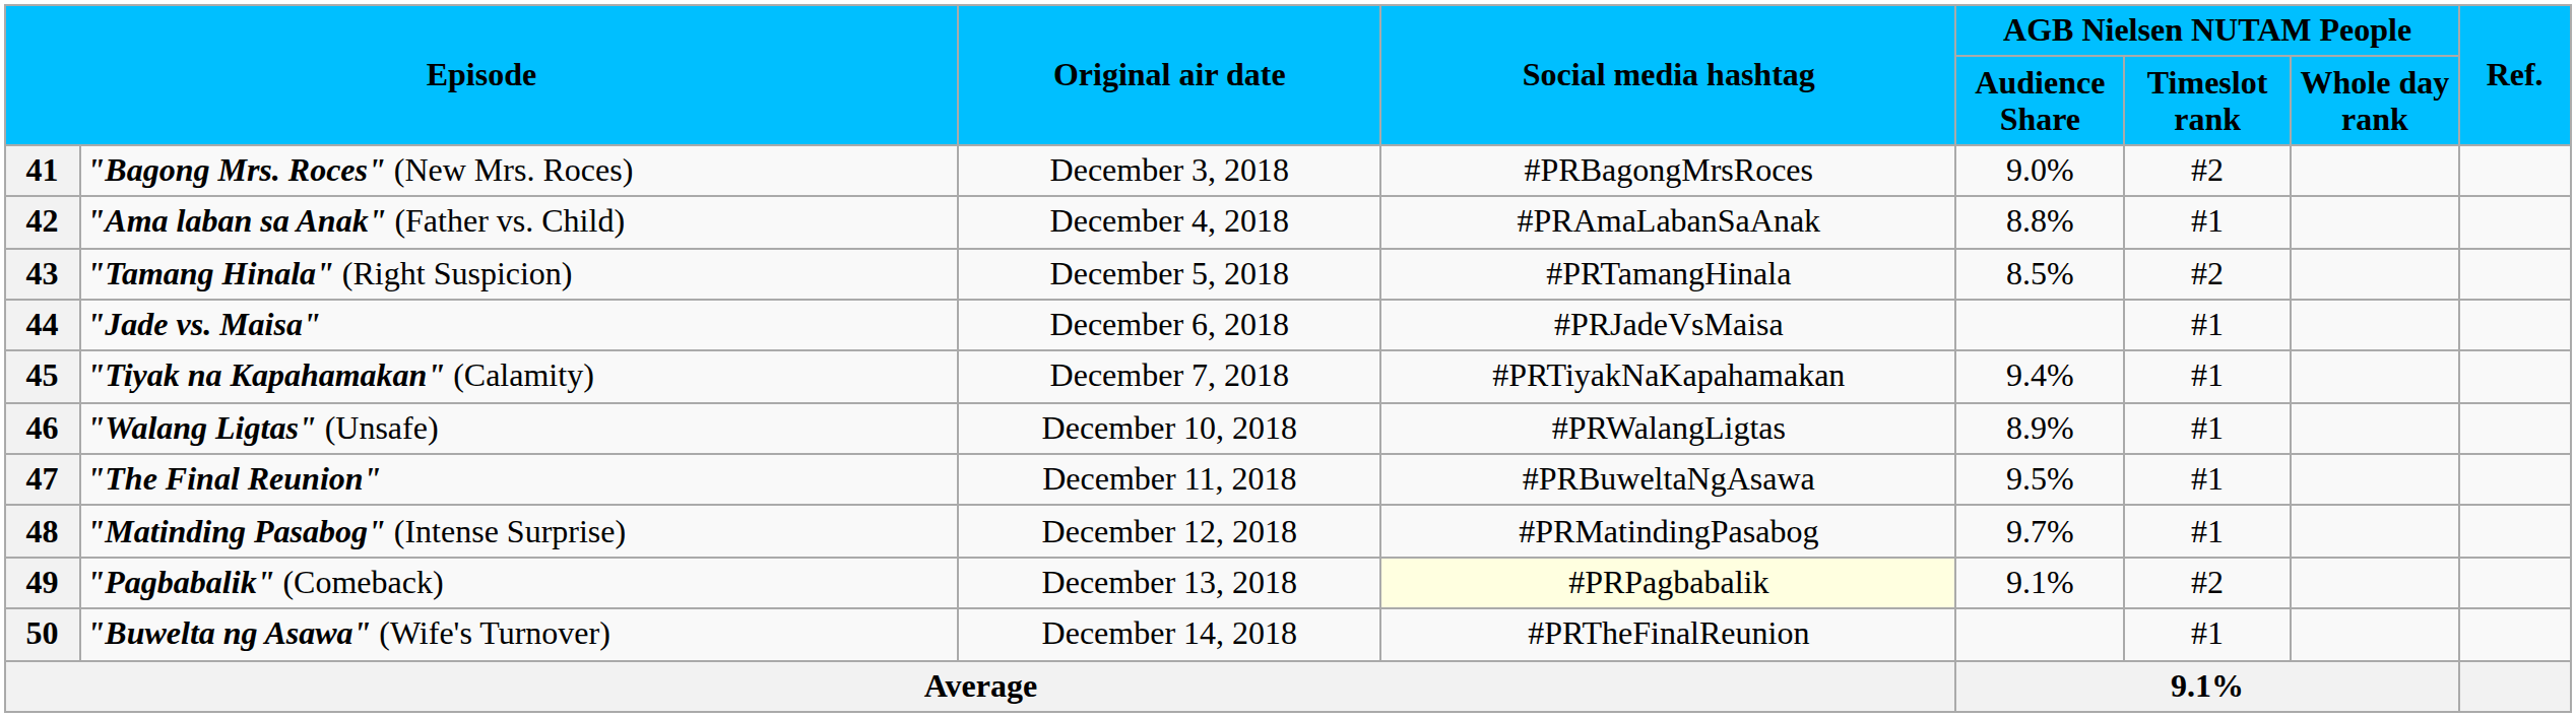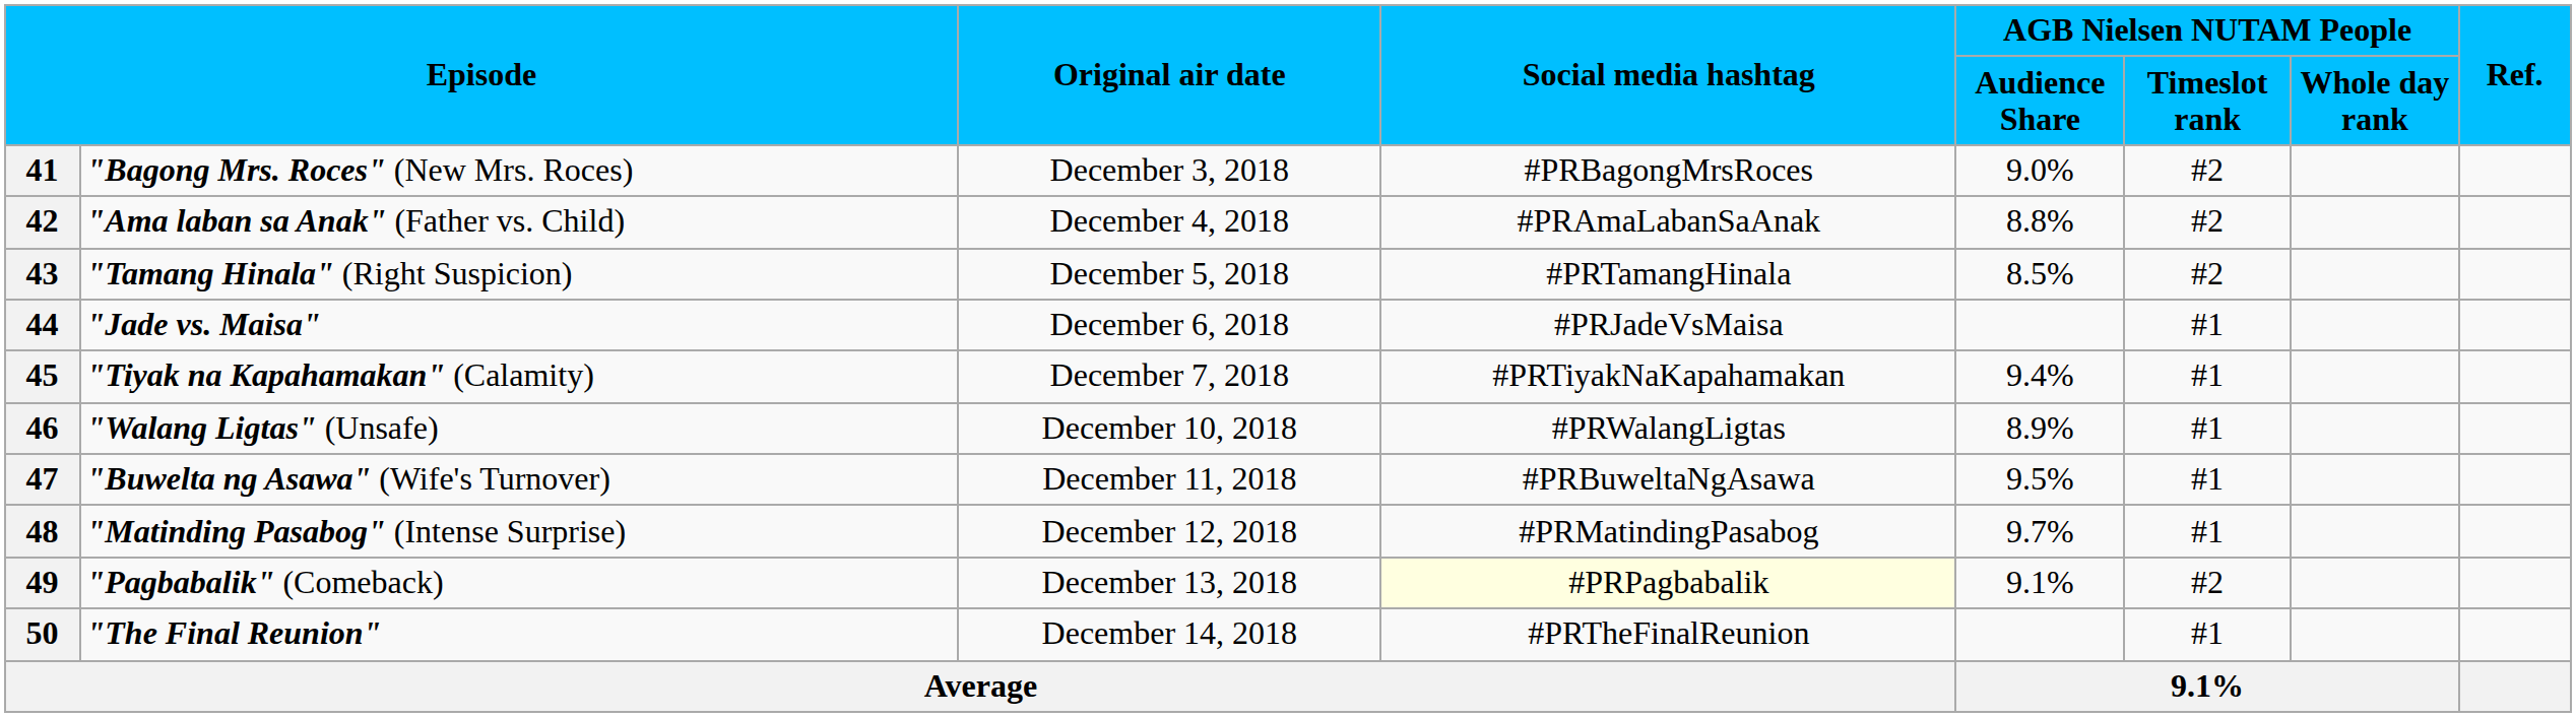 <table class="wikitable" style="text-align:center; font-size:100%; line-height:18px;" width="100%">
 <tr>
 <th style="background-color:#00BFFF; color:#000000;" colspan="2" rowspan="2">Episode</th>
 <th style="background-color:#00BFFF; color:black" rowspan="2">Original air date</th>
 <th style="background-color:#00BFFF; color:black" rowspan="2">Social media hashtag</th>
 <th style="background-color:#00BFFF; color:#000000;" colspan="3">AGB Nielsen NUTAM People</th>
 <th style="background-color:#00BFFF; color:#000000;" rowspan="2">Ref.</th>
 </tr>
 <tr>
 <th style="background-color:#00BFFF; width:75px; color:#000000;">Audience Share</th>
 <th style="background-color:#00BFFF; width:75px; color:#000000;">Timeslot<br>rank</th>
 <th style="background-color:#00BFFF; width:75px; color:#000000;">Whole day<br>rank</th>
 </tr>
 <tr>
 <th>41</th>
 <td style="text-align: left;"><strong><em>"Bagong Mrs. Roces"</em></strong> (New Mrs. Roces)</td>
 <td>December 3, 2018</td>
 <td>#PRBagongMrsRoces</td>
 <td>9.0%</td>
 <td>#2</td>
 <td></td>
 <td></td>
 </tr>
 <tr>
 <th>42</th>
 <td style="text-align: left;"><strong><em>"Ama laban sa Anak"</em></strong> (Father vs. Child)</td>
 <td>December 4, 2018</td>
 <td>#PRAmaLabanSaAnak</td>
 <td>8.8%</td>
-<td>#1</td>
+<td>#2</td>
 <td></td>
 <td></td>
 </tr>
 <tr>
 <th>43</th>
 <td style="text-align: left;"><strong><em>"Tamang Hinala"</em></strong> (Right Suspicion)</td>
 <td>December 5, 2018</td>
 <td>#PRTamangHinala</td>
 <td>8.5%</td>
 <td>#2</td>
 <td></td>
 <td></td>
 </tr>
 <tr>
 <th>44</th>
 <td style="text-align: left;"><strong><em>"Jade vs. Maisa"</em></strong></td>
 <td>December 6, 2018</td>
 <td>#PRJadeVsMaisa</td>
 <td></td>
 <td>#1</td>
 <td></td>
 <td></td>
 </tr>
 <tr>
 <th>45</th>
 <td style="text-align: left;"><strong><em>"Tiyak na Kapahamakan"</em></strong> (Calamity)</td>
 <td>December 7, 2018</td>
 <td>#PRTiyakNaKapahamakan</td>
 <td>9.4%</td>
 <td>#1</td>
 <td></td>
 <td></td>
 </tr>
 <tr>
 <th>46</th>
 <td style="text-align: left;"><strong><em>"Walang Ligtas"</em></strong> (Unsafe)</td>
 <td>December 10, 2018</td>
 <td>#PRWalangLigtas</td>
 <td>8.9%</td>
 <td>#1</td>
 <td></td>
 <td></td>
 </tr>
 <tr>
 <th>47</th>
-<td style="text-align: left;"><strong><em>"The Final Reunion"</em></strong></td>
+<td style="text-align: left;"><strong><em>"Buwelta ng Asawa"</em></strong> (Wife's Turnover)</td>
 <td>December 11, 2018</td>
 <td>#PRBuweltaNgAsawa</td>
 <td>9.5%</td>
 <td>#1</td>
 <td></td>
 <td></td>
 </tr>
 <tr>
 <th>48</th>
 <td style="text-align: left;"><strong><em>"Matinding Pasabog"</em></strong> (Intense Surprise)</td>
 <td>December 12, 2018</td>
 <td>#PRMatindingPasabog</td>
 <td>9.7%</td>
 <td>#1</td>
 <td></td>
 <td></td>
 </tr>
 <tr>
 <th>49</th>
 <td style="text-align: left;"><strong><em>"Pagbabalik"</em></strong> (Comeback)</td>
 <td>December 13, 2018</td>
 <td style="background: lightyellow;">#PRPagbabalik</td>
 <td>9.1%</td>
 <td>#2</td>
 <td></td>
 <td></td>
 </tr>
 <tr>
 <th>50</th>
-<td style="text-align: left;"><strong><em>"Buwelta ng Asawa"</em></strong> (Wife's Turnover)</td>
+<td style="text-align: left;"><strong><em>"The Final Reunion"</em></strong></td>
 <td>December 14, 2018</td>
 <td>#PRTheFinalReunion</td>
 <td></td>
 <td>#1</td>
 <td></td>
 <td></td>
 </tr>
 <tr>
 <th colspan="4">Average</th>
 <th colspan="3">9.1%</th>
 <th></th>
 </tr>
 <tr>
 </tr>
 </table>
